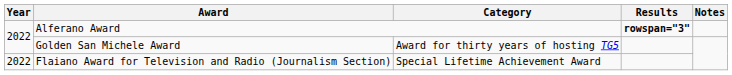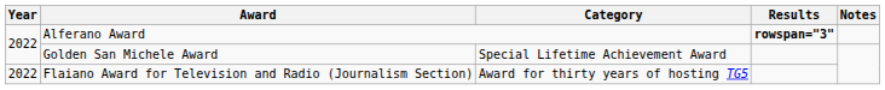 <table class="wikitable">
 <tr>
 <th>Year</th>
 <th>Award</th>
 <th>Category</th>
 <th>Results</th>
 <th>Notes</th>
 </tr>
 <tr>
 <td rowspan="2">2022</td>
 <td colspan="2">Alferano Award</td>
 <td><strong>rowspan="3" </strong></td>
 <td></td>
 </tr>
 <tr>
 <td>Golden San Michele Award</td>
-<td>Award for thirty years of hosting <em><a href='#'>TG5</a></em></td>
+<td>Special Lifetime Achievement Award</td>
 <td></td>
 </tr>
 <tr>
 <td>2022</td>
 <td>Flaiano Award for Television and Radio (Journalism Section)</td>
-<td>Special Lifetime Achievement Award</td>
+<td>Award for thirty years of hosting <em><a href='#'>TG5</a></em></td>
 <td></td>
 </tr>
 </table>
